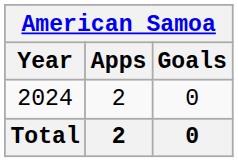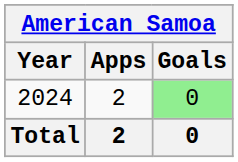 <table class="wikitable" style="text-align:center">
 <tr>
 <th colspan=3><a href='#'>American Samoa</a></th>
 </tr>
 <tr>
 <th>Year</th>
 <th>Apps</th>
 <th>Goals</th>
 </tr>
 <tr>
 <td>2024</td>
 <td>2</td>
-<td>0</td>
+<td style="background: lightgreen;">0</td>
 </tr>
 <tr>
 <th>Total</th>
 <th>2</th>
 <th>0</th>
 </tr>
 </table>
